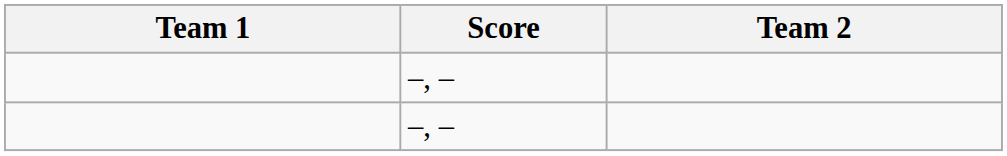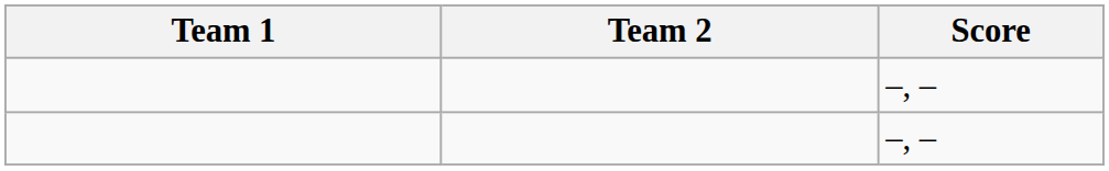 <table class="wikitable" style="font-size: 100%">
 <tr>
 <th width=200>Team 1</th>
+<th width=200>Team 2</th>
 <th width=100>Score</th>
-<th width=200>Team 2</th>
 </tr>
 <tr>
 <td></td>
+<td></td>
 <td>–, –</td>
-<td></td>
 </tr>
 <tr>
 <td></td>
+<td></td>
 <td>–, –</td>
-<td></td>
 </tr>
 </table>
